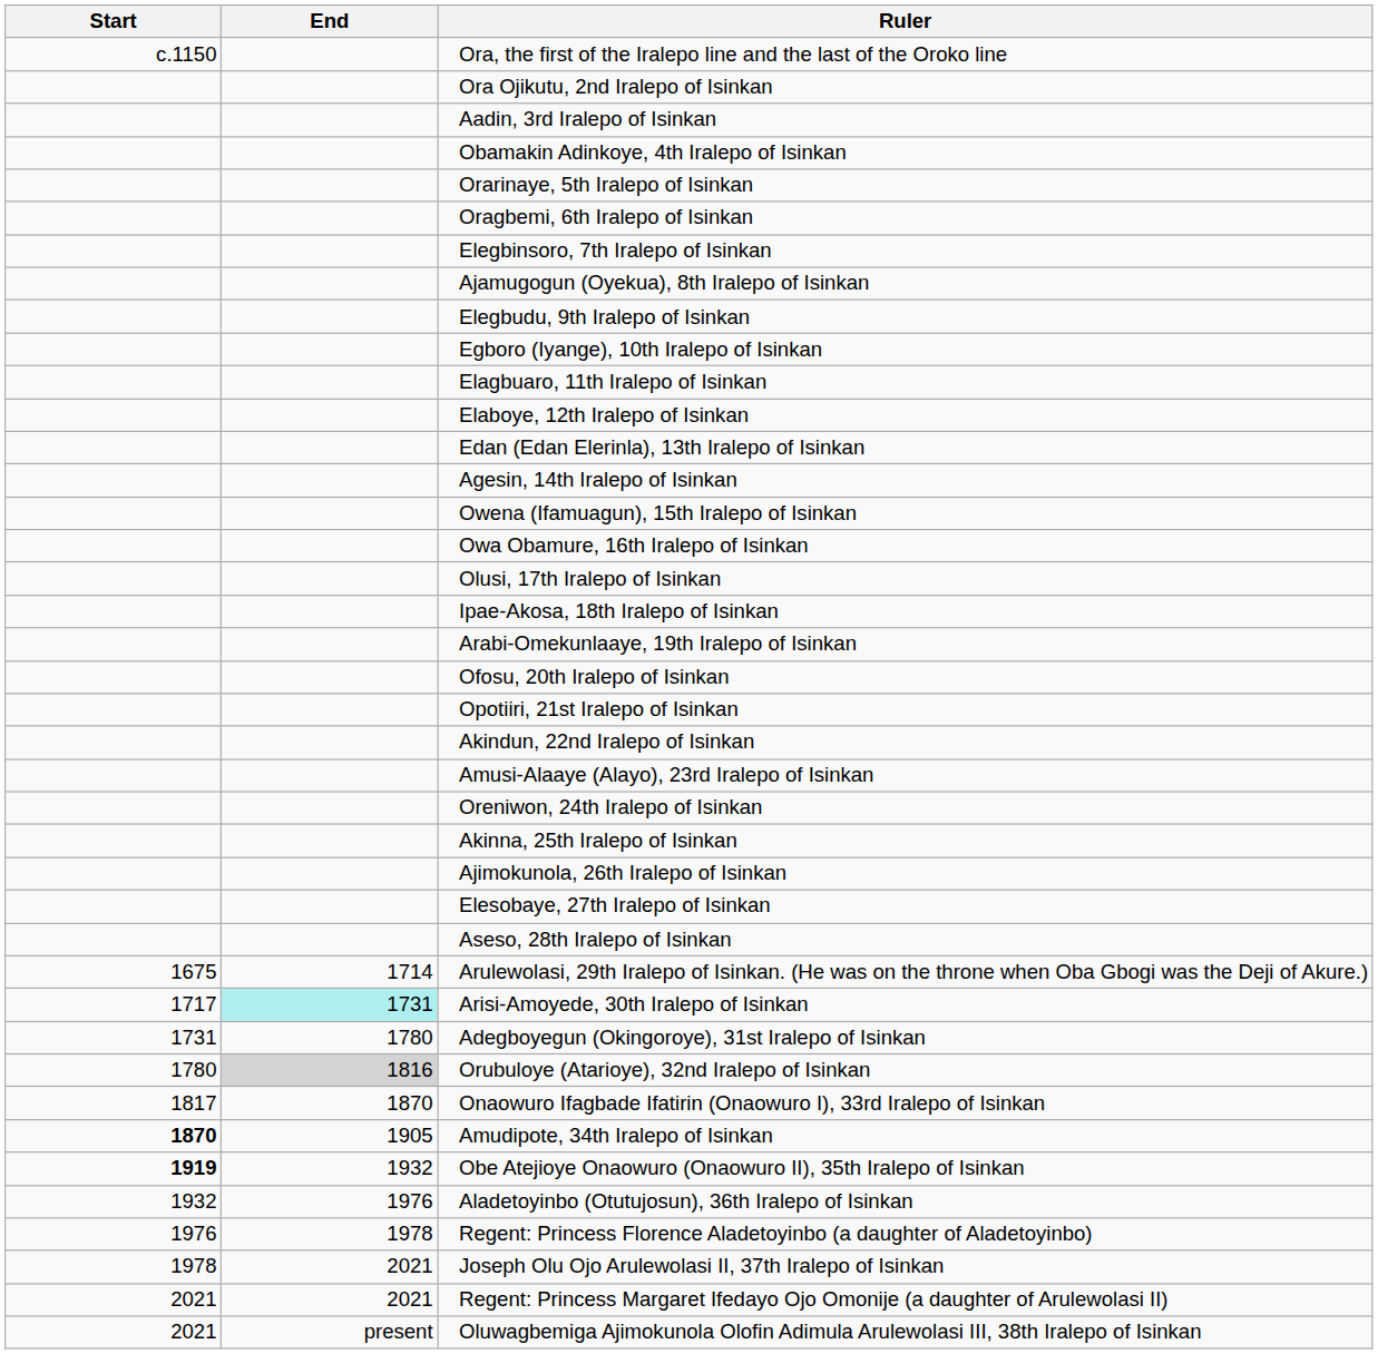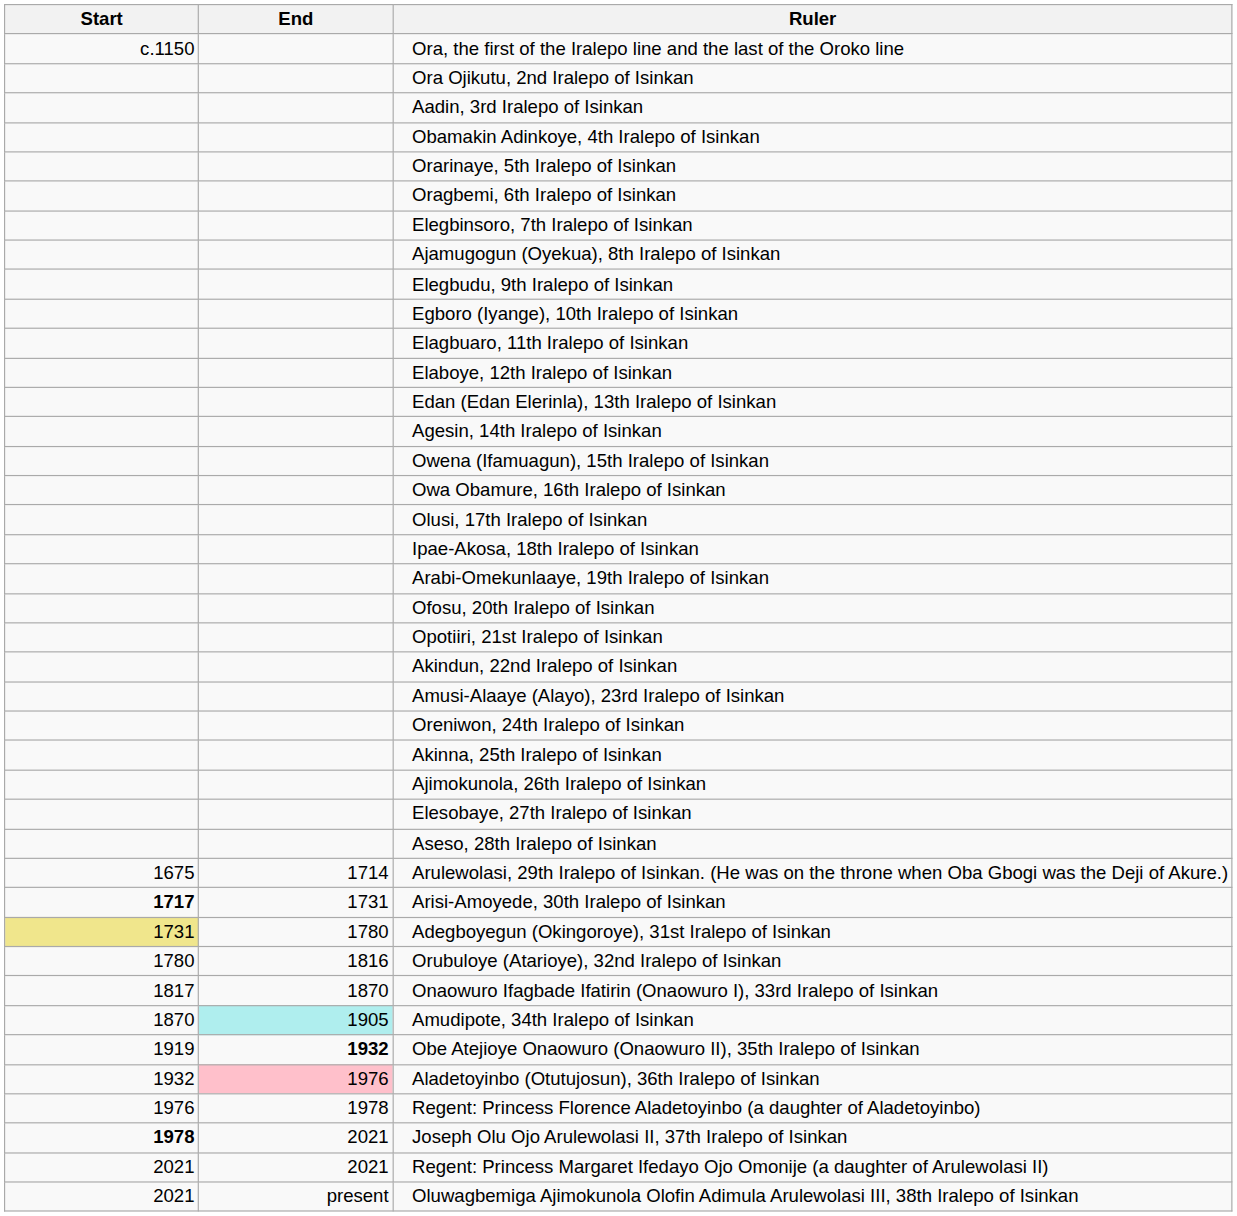 <table class=wikitable style="text-align:right;">
 <tr>
 <th style="width:10em;">Start</th>
 <th style="width:10em;">End</th>
 <th>Ruler</th>
 </tr>
 <tr>
 <td>c.1150</td>
 <td></td>
 <td style="text-align:left;padding-left:1em;">Ora, the first of the Iralepo line and the last of the Oroko line</td>
 </tr>
 <tr>
 <td></td>
 <td></td>
 <td style="text-align:left;padding-left:1em;">Ora Ojikutu, 2nd Iralepo of Isinkan</td>
 </tr>
 <tr>
 <td></td>
 <td></td>
 <td style="text-align:left;padding-left:1em;">Aadin, 3rd Iralepo of Isinkan</td>
 </tr>
 <tr>
 <td></td>
 <td></td>
 <td style="text-align:left;padding-left:1em;">Obamakin Adinkoye, 4th Iralepo of Isinkan</td>
 </tr>
 <tr>
 <td></td>
 <td></td>
 <td style="text-align:left;padding-left:1em;">Orarinaye, 5th Iralepo of Isinkan</td>
 </tr>
 <tr>
 <td></td>
 <td></td>
 <td style="text-align:left;padding-left:1em;">Oragbemi, 6th Iralepo of Isinkan</td>
 </tr>
 <tr>
 <td></td>
 <td></td>
 <td style="text-align:left;padding-left:1em;">Elegbinsoro, 7th Iralepo of Isinkan</td>
 </tr>
 <tr>
 <td></td>
 <td></td>
 <td style="text-align:left;padding-left:1em;">Ajamugogun (Oyekua), 8th Iralepo of Isinkan</td>
 </tr>
 <tr>
 <td></td>
 <td></td>
 <td style="text-align:left;padding-left:1em;">Elegbudu, 9th Iralepo of Isinkan</td>
 </tr>
 <tr>
 <td></td>
 <td></td>
 <td style="text-align:left;padding-left:1em;">Egboro (Iyange), 10th Iralepo of Isinkan</td>
 </tr>
 <tr>
 <td></td>
 <td></td>
 <td style="text-align:left;padding-left:1em;">Elagbuaro, 11th Iralepo of Isinkan</td>
 </tr>
 <tr>
 <td></td>
 <td></td>
 <td style="text-align:left;padding-left:1em;">Elaboye, 12th Iralepo of Isinkan</td>
 </tr>
 <tr>
 <td></td>
 <td></td>
 <td style="text-align:left;padding-left:1em;">Edan (Edan Elerinla), 13th Iralepo of Isinkan</td>
 </tr>
 <tr>
 <td></td>
 <td></td>
 <td style="text-align:left;padding-left:1em;">Agesin, 14th Iralepo of Isinkan</td>
 </tr>
 <tr>
 <td></td>
 <td></td>
 <td style="text-align:left;padding-left:1em;">Owena (Ifamuagun), 15th Iralepo of Isinkan</td>
 </tr>
 <tr>
 <td></td>
 <td></td>
 <td style="text-align:left;padding-left:1em;">Owa Obamure, 16th Iralepo of Isinkan</td>
 </tr>
 <tr>
 <td></td>
 <td></td>
 <td style="text-align:left;padding-left:1em;">Olusi, 17th Iralepo of Isinkan</td>
 </tr>
 <tr>
 <td></td>
 <td></td>
 <td style="text-align:left;padding-left:1em;">Ipae-Akosa, 18th Iralepo of Isinkan</td>
 </tr>
 <tr>
 <td></td>
 <td></td>
 <td style="text-align:left;padding-left:1em;">Arabi-Omekunlaaye, 19th Iralepo of Isinkan</td>
 </tr>
 <tr>
 <td></td>
 <td></td>
 <td style="text-align:left;padding-left:1em;">Ofosu, 20th Iralepo of Isinkan</td>
 </tr>
 <tr>
 <td></td>
 <td></td>
 <td style="text-align:left;padding-left:1em;">Opotiiri, 21st Iralepo of Isinkan</td>
 </tr>
 <tr>
 <td></td>
 <td></td>
 <td style="text-align:left;padding-left:1em;">Akindun, 22nd Iralepo of Isinkan</td>
 </tr>
 <tr>
 <td></td>
 <td></td>
 <td style="text-align:left;padding-left:1em;">Amusi-Alaaye (Alayo), 23rd Iralepo of Isinkan</td>
 </tr>
 <tr>
 <td></td>
 <td></td>
 <td style="text-align:left;padding-left:1em;">Oreniwon, 24th Iralepo of Isinkan</td>
 </tr>
 <tr>
 <td></td>
 <td></td>
 <td style="text-align:left;padding-left:1em;">Akinna, 25th Iralepo of Isinkan</td>
 </tr>
 <tr>
 <td></td>
 <td></td>
 <td style="text-align:left;padding-left:1em;">Ajimokunola, 26th Iralepo of Isinkan</td>
 </tr>
 <tr>
 <td></td>
 <td></td>
 <td style="text-align:left;padding-left:1em;">Elesobaye, 27th Iralepo of Isinkan</td>
 </tr>
 <tr>
 <td></td>
 <td></td>
 <td style="text-align:left;padding-left:1em;">Aseso, 28th Iralepo of Isinkan</td>
 </tr>
 <tr>
 <td>1675</td>
 <td>1714</td>
 <td style="text-align:left;padding-left:1em;">Arulewolasi, 29th Iralepo of Isinkan. (He was on the throne when Oba Gbogi was the Deji of Akure.)</td>
 </tr>
 <tr>
-<td>1717</td>
-<td style="background: paleturquoise;">1731</td>
+<td><strong>1717</strong></td>
+<td>1731</td>
 <td style="text-align:left;padding-left:1em;">Arisi-Amoyede, 30th Iralepo of Isinkan</td>
 </tr>
 <tr>
-<td>1731</td>
+<td style="background: khaki;">1731</td>
 <td>1780</td>
 <td style="text-align:left;padding-left:1em;">Adegboyegun (Okingoroye), 31st Iralepo of Isinkan</td>
 </tr>
 <tr>
 <td>1780</td>
-<td style="background: lightgrey;">1816</td>
+<td>1816</td>
 <td style="text-align:left;padding-left:1em;">Orubuloye (Atarioye), 32nd Iralepo of Isinkan</td>
 </tr>
 <tr>
 <td>1817</td>
 <td>1870</td>
 <td style="text-align:left;padding-left:1em;">Onaowuro Ifagbade Ifatirin (Onaowuro I), 33rd Iralepo of Isinkan</td>
 </tr>
 <tr>
-<td><strong>1870</strong></td>
-<td>1905</td>
+<td>1870</td>
+<td style="background: paleturquoise;">1905</td>
 <td style ="text-align:left;padding-left:1em;">Amudipote, 34th Iralepo of Isinkan</td>
 </tr>
 <tr>
-<td><strong>1919</strong></td>
-<td>1932</td>
+<td>1919</td>
+<td><strong>1932</strong></td>
 <td style="text-align:left;padding-left:1em;">Obe Atejioye Onaowuro (Onaowuro II), 35th Iralepo of Isinkan</td>
 </tr>
 <tr>
 <td>1932</td>
-<td>1976</td>
+<td style="background: pink;">1976</td>
 <td style="text-align:left;padding-left:1em;">Aladetoyinbo (Otutujosun), 36th Iralepo of Isinkan</td>
 </tr>
 <tr>
 <td>1976</td>
 <td>1978</td>
 <td style="text-align:left;padding-left:1em;">Regent: Princess Florence Aladetoyinbo (a daughter of Aladetoyinbo)</td>
 </tr>
 <tr>
-<td>1978</td>
+<td><strong>1978</strong></td>
 <td>2021</td>
 <td style="text-align:left;padding-left:1em;">Joseph Olu Ojo Arulewolasi II, 37th Iralepo of Isinkan</td>
 </tr>
 <tr>
 <td>2021</td>
 <td>2021</td>
 <td style="text-align:left;padding-left:1em;">Regent: Princess Margaret Ifedayo Ojo Omonije (a daughter of Arulewolasi II)</td>
 </tr>
 <tr>
 <td>2021</td>
 <td>present</td>
 <td style="text-align:left;padding-left:1em;">Oluwagbemiga Ajimokunola Olofin Adimula Arulewolasi III, 38th Iralepo of Isinkan</td>
 </tr>
 </table>
